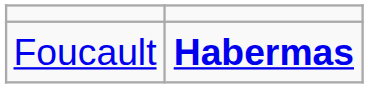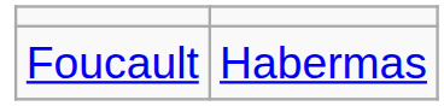 <table class="wikitable" style="text-align:right; float:right; margin-right:9px; margin-left:2px;">
 <tr>
 <td style="text-align:center;"></td>
 <td style="text-align:center;"></td>
 </tr>
 <tr>
 <td style="text-align:center;"><a href='#'>Foucault</a></td>
-<td style="text-align:center;"><strong><a href='#'>Habermas</a></strong></td>
+<td style="text-align:center;"><a href='#'>Habermas</a></td>
 </tr>
 </table>
